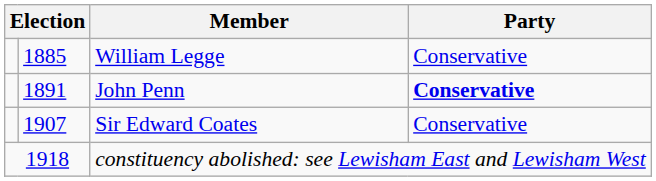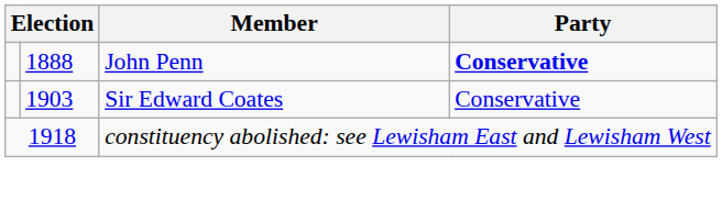 <table class="wikitable">
 <tr>
 <th colspan="2">Election</th>
 <th>Member</th>
 <th>Party</th>
 </tr>
 <tr>
 <td style="color:inherit;background-color: "></td>
-<td><a href='#'>1885</a></td>
-<td><a href='#'>William Legge</a></td>
-<td><a href='#'>Conservative</a></td>
-</tr>
-<tr>
-<td style="color:inherit;background-color: "></td>
-<td><a href='#'>1891</a></td>
+<td><a href='#'>1888</a></td>
 <td><a href='#'>John Penn</a></td>
 <td><strong><a href='#'>Conservative</a></strong></td>
 </tr>
 <tr>
 <td style="color:inherit;background-color: "></td>
-<td><a href='#'>1907</a></td>
+<td><a href='#'>1903</a></td>
 <td><a href='#'>Sir Edward Coates</a></td>
 <td><a href='#'>Conservative</a></td>
 </tr>
 <tr>
 <td colspan="2" align="center"><a href='#'>1918</a></td>
 <td colspan="2"><em>constituency abolished: see <a href='#'>Lewisham East</a> and <a href='#'>Lewisham West</a></em></td>
 </tr>
 </table>
